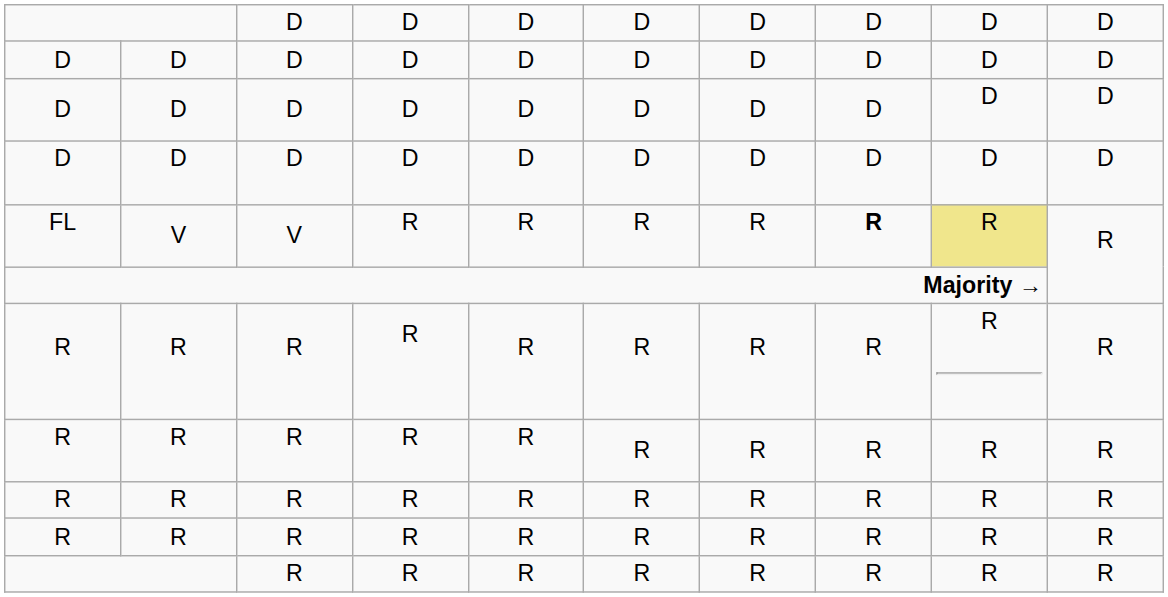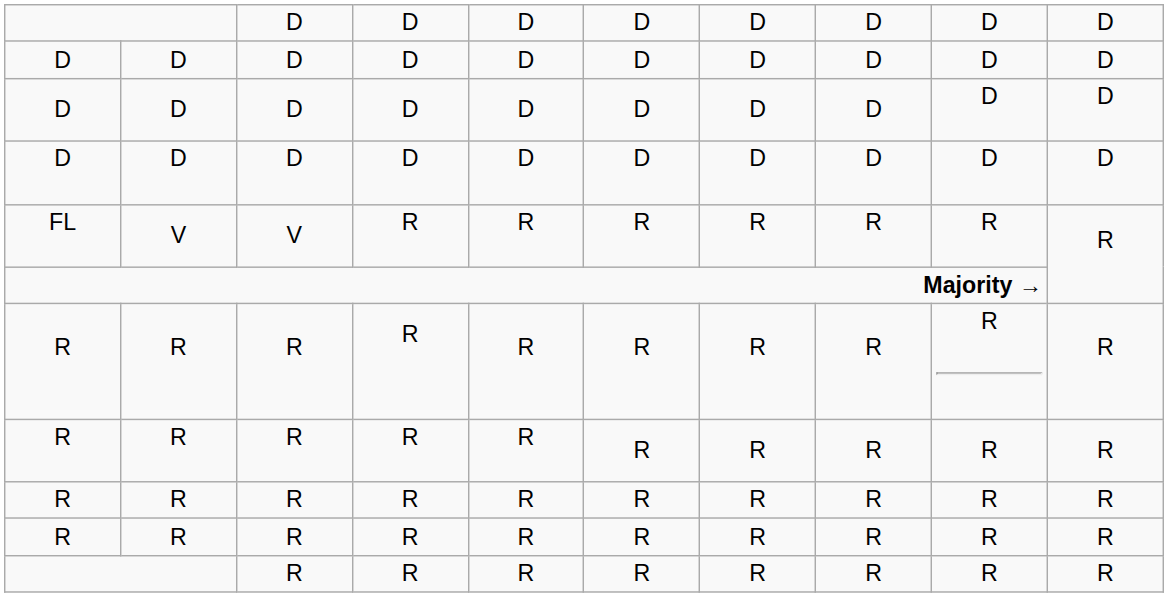 <table class="wikitable" style="text-align:center" width=800px>
 <tr>
 <td colspan=2> </td>
 <td>D</td>
 <td>D</td>
 <td>D</td>
 <td>D</td>
 <td>D</td>
 <td>D</td>
 <td>D</td>
 <td>D</td>
 </tr>
 <tr>
 <td width=50px >D</td>
 <td width=50px >D</td>
 <td width=50px >D</td>
 <td width=50px >D</td>
 <td width=50px >D</td>
 <td width=50px >D</td>
 <td width=50px >D</td>
 <td width=50px >D</td>
 <td width=50px >D</td>
 <td width=50px >D</td>
 </tr>
 <tr>
 <td>D</td>
 <td>D</td>
 <td>D</td>
 <td>D</td>
 <td>D</td>
 <td>D</td>
 <td>D</td>
 <td>D</td>
 <td>D<br><br></td>
 <td>D<br><br></td>
 </tr>
 <tr>
 <td>D<br><br></td>
 <td>D<br><br></td>
 <td>D<br><br></td>
 <td>D<br><br></td>
 <td>D<br><br></td>
 <td>D<br><br></td>
 <td>D<br><br></td>
 <td>D<br><br></td>
 <td>D<br><br></td>
 <td>D<br><br></td>
 </tr>
 <tr>
 <td>FL<br><br></td>
 <td>V<br></td>
 <td>V<br></td>
 <td>R<br><br></td>
 <td>R<br><br></td>
 <td>R<br><br></td>
 <td>R<br><br></td>
-<td><strong>R<br><br></strong></td>
-<td style="background: khaki;">R<br><br></td>
+<td>R<br><br></td>
+<td>R<br><br></td>
 <td rowspan=2 >R<br><br></td>
 </tr>
 <tr>
 <td colspan=9 align=right><strong>Majority →</strong></td>
 </tr>
 <tr>
 <td>R<br><br></td>
 <td>R<br><br></td>
 <td>R<br><br></td>
 <td>R<br><br><br></td>
 <td>R<br><br></td>
 <td>R<br><br></td>
 <td>R<br><br></td>
 <td>R<br><br></td>
 <td>R<br><br><hr><br></td>
 <td>R<br><br></td>
 </tr>
 <tr>
 <td>R<br><br></td>
 <td>R<br><br></td>
 <td>R<br><br></td>
 <td>R<br><br></td>
 <td>R<br><br></td>
 <td>R</td>
 <td>R</td>
 <td>R</td>
 <td>R</td>
 <td>R</td>
 </tr>
 <tr>
 <td>R</td>
 <td>R</td>
 <td>R</td>
 <td>R</td>
 <td>R</td>
 <td>R</td>
 <td>R</td>
 <td>R</td>
 <td>R</td>
 <td>R</td>
 </tr>
 <tr>
 <td>R</td>
 <td>R</td>
 <td>R</td>
 <td>R</td>
 <td>R</td>
 <td>R</td>
 <td>R</td>
 <td>R</td>
 <td>R</td>
 <td>R</td>
 </tr>
 <tr>
 <td colspan=2></td>
 <td>R</td>
 <td>R</td>
 <td>R</td>
 <td>R</td>
 <td>R</td>
 <td>R</td>
 <td>R</td>
 <td>R</td>
 </tr>
 </table>
